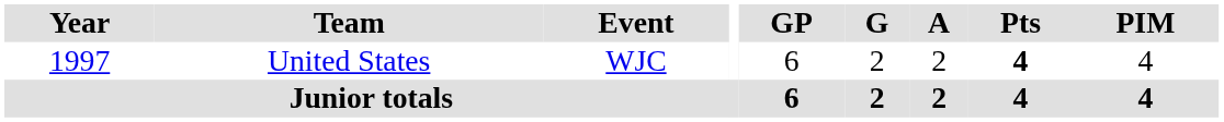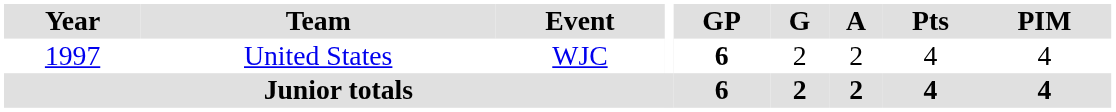 <table border="0" cellpadding="1" cellspacing="0" ID="Table3" style="text-align:center; width:40em">
 <tr bgcolor="#e0e0e0">
 <th>Year</th>
 <th>Team</th>
 <th>Event</th>
 <th rowspan="102" bgcolor="#ffffff"></th>
 <th>GP</th>
 <th>G</th>
 <th>A</th>
 <th>Pts</th>
 <th>PIM</th>
 </tr>
 <tr>
 <td><a href='#'>1997</a></td>
 <td><a href='#'>United States</a></td>
 <td><a href='#'>WJC</a></td>
-<td>6</td>
+<td><strong>6</strong></td>
 <td>2</td>
 <td>2</td>
-<td><strong>4</strong></td>
+<td>4</td>
 <td>4</td>
 </tr>
 <tr bgcolor="#e0e0e0">
 <th colspan=4>Junior totals</th>
 <th>6</th>
 <th>2</th>
 <th>2</th>
 <th>4</th>
 <th>4</th>
 </tr>
 </table>
